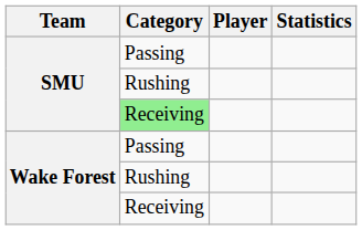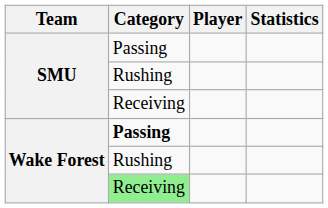 <table class="wikitable" style="float:right">
 <tr>
 <th>Team</th>
 <th>Category</th>
 <th>Player</th>
 <th>Statistics</th>
 </tr>
 <tr>
 <th rowspan=3>SMU</th>
 <td>Passing</td>
 <td></td>
 <td></td>
 </tr>
 <tr>
 <td>Rushing</td>
 <td></td>
 <td></td>
 </tr>
 <tr>
-<td style="background: lightgreen;">Receiving</td>
+<td>Receiving</td>
 <td></td>
 <td></td>
 </tr>
 <tr>
 <th rowspan=3>Wake Forest</th>
-<td>Passing</td>
+<td><strong>Passing</strong></td>
 <td></td>
 <td></td>
 </tr>
 <tr>
 <td>Rushing</td>
 <td></td>
 <td></td>
 </tr>
 <tr>
-<td>Receiving</td>
+<td style="background: lightgreen;">Receiving</td>
 <td></td>
 <td></td>
 </tr>
 </table>
